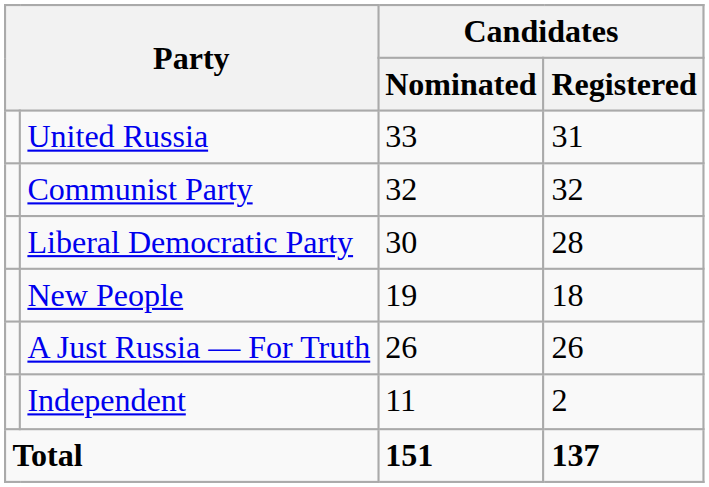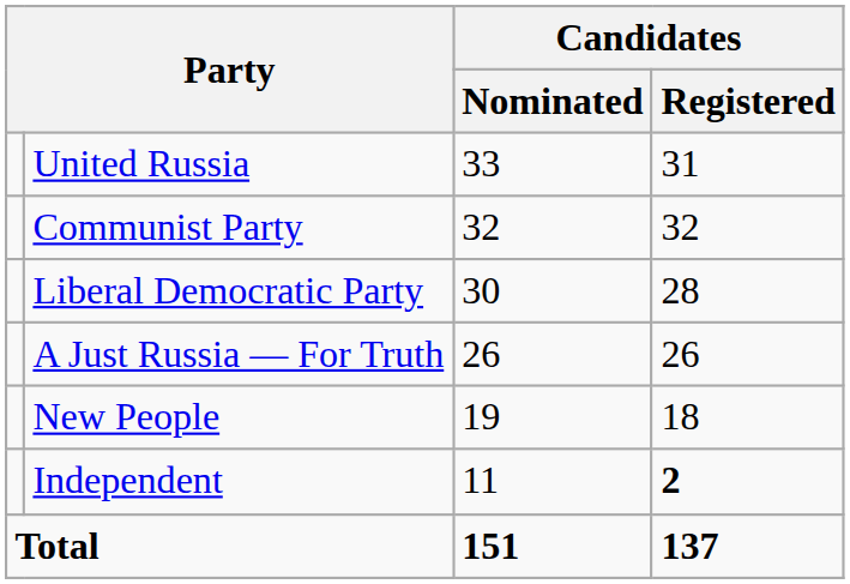 <table class="wikitable sortable" style="background: #f9f9f9; text-align:left; font-size: 95%">
 <tr>
 <th align=center rowspan=2 colspan=2>Party</th>
 <th align=center colspan=2>Candidates</th>
 </tr>
 <tr>
 <th align=center>Nominated</th>
 <th align=center>Registered</th>
 </tr>
 <tr>
 <td></td>
 <td><a href='#'>United Russia</a></td>
 <td>33</td>
 <td>31</td>
 </tr>
 <tr>
 <td></td>
 <td><a href='#'>Communist Party</a></td>
 <td>32</td>
 <td>32</td>
 </tr>
 <tr>
 <td></td>
 <td><a href='#'>Liberal Democratic Party</a></td>
 <td>30</td>
 <td>28</td>
 </tr>
 <tr>
 <td></td>
+<td><a href='#'>A Just Russia — For Truth</a></td>
+<td>26</td>
+<td>26</td>
+</tr>
+<tr>
+<td></td>
 <td><a href='#'>New People</a></td>
 <td>19</td>
 <td>18</td>
 </tr>
 <tr>
 <td></td>
-<td><a href='#'>A Just Russia — For Truth</a></td>
-<td>26</td>
-<td>26</td>
-</tr>
-<tr>
-<td></td>
 <td><a href='#'>Independent</a></td>
 <td>11</td>
-<td>2</td>
+<td><strong>2</strong></td>
 </tr>
 <tr>
 <td colspan=2><strong>Total</strong></td>
 <td><strong>151</strong></td>
 <td><strong>137</strong></td>
 </tr>
 </table>
